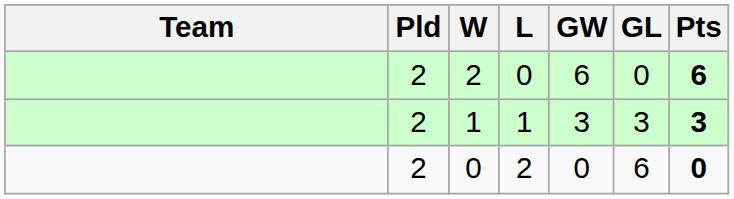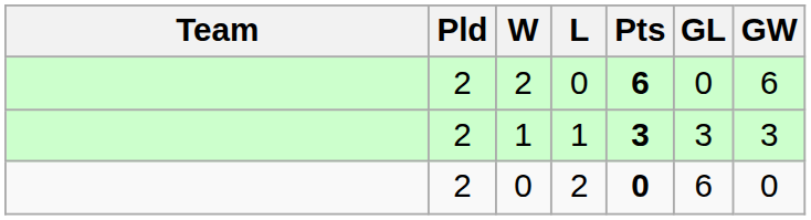 <table class="wikitable" style="text-align:center">
 <tr>
 <th width=200>Team</th>
 <th width=20>Pld</th>
 <th width=20>W</th>
 <th width=20>L</th>
+<th width=20>Pts</th>
+<th width=20>GL</th>
 <th width=20>GW</th>
-<th width=20>GL</th>
-<th width=20>Pts</th>
 </tr>
 <tr bgcolor=ccffcc>
 <td style="text-align:left;"></td>
 <td>2</td>
 <td>2</td>
 <td>0</td>
+<td><strong>6</strong></td>
+<td>0</td>
 <td>6</td>
-<td>0</td>
-<td><strong>6</strong></td>
 </tr>
 <tr bgcolor=ccffcc>
 <td style="text-align:left;"></td>
 <td>2</td>
 <td>1</td>
 <td>1</td>
+<td><strong>3</strong></td>
 <td>3</td>
 <td>3</td>
-<td><strong>3</strong></td>
 </tr>
 <tr>
 <td style="text-align:left;"></td>
 <td>2</td>
 <td>0</td>
 <td>2</td>
+<td><strong>0</strong></td>
+<td>6</td>
 <td>0</td>
-<td>6</td>
-<td><strong>0</strong></td>
 </tr>
 </table>
